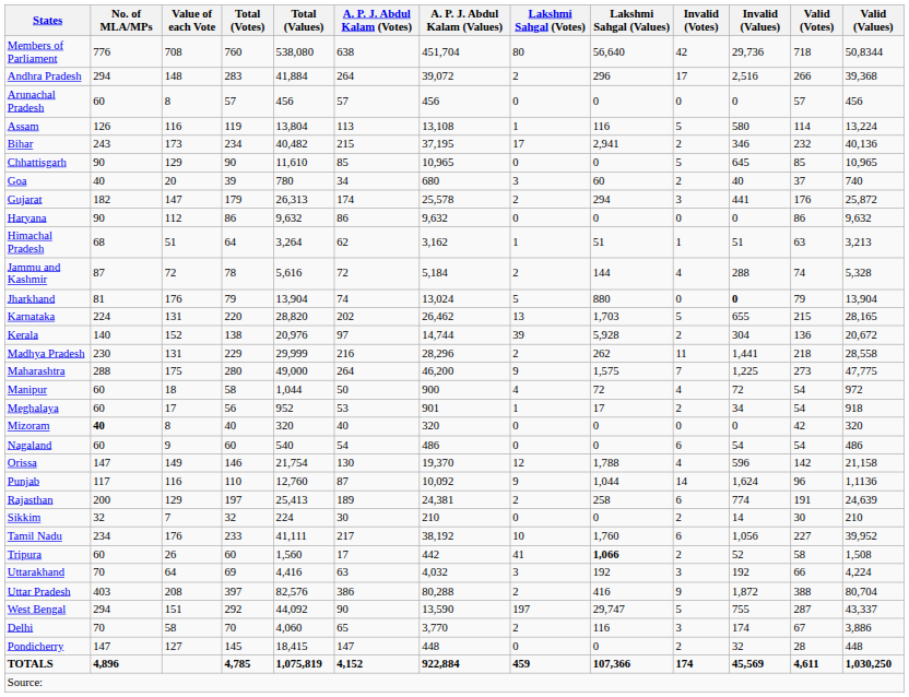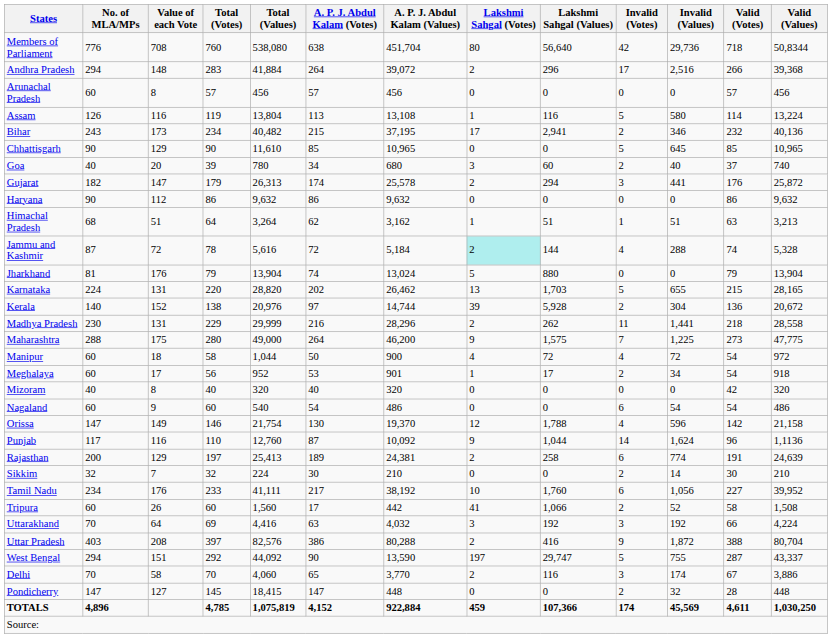 <table class="wikitable" border="1">
 <tr>
 <th><a href='#'>States</a></th>
 <th>No. of MLA/MPs</th>
 <th>Value of each Vote</th>
 <th>Total (Votes)</th>
 <th>Total (Values)</th>
 <th><a href='#'>A. P. J. Abdul Kalam</a> (Votes)</th>
 <th>A. P. J. Abdul Kalam (Values)</th>
 <th><a href='#'>Lakshmi Sahgal</a> (Votes)</th>
 <th>Lakshmi Sahgal (Values)</th>
 <th>Invalid (Votes)</th>
 <th>Invalid (Values)</th>
 <th>Valid (Votes)</th>
 <th>Valid (Values)</th>
 </tr>
 <tr>
 <td><a href='#'>Members of Parliament</a></td>
 <td>776</td>
 <td>708</td>
 <td>760</td>
 <td>538,080</td>
 <td>638</td>
 <td>451,704</td>
 <td>80</td>
 <td>56,640</td>
 <td>42</td>
 <td>29,736</td>
 <td>718</td>
 <td>50,8344</td>
 </tr>
 <tr>
 <td><a href='#'>Andhra Pradesh</a></td>
 <td>294</td>
 <td>148</td>
 <td>283</td>
 <td>41,884</td>
 <td>264</td>
 <td>39,072</td>
 <td>2</td>
 <td>296</td>
 <td>17</td>
 <td>2,516</td>
 <td>266</td>
 <td>39,368</td>
 </tr>
 <tr>
 <td><a href='#'>Arunachal Pradesh</a></td>
 <td>60</td>
 <td>8</td>
 <td>57</td>
 <td>456</td>
 <td>57</td>
 <td>456</td>
 <td>0</td>
 <td>0</td>
 <td>0</td>
 <td>0</td>
 <td>57</td>
 <td>456</td>
 </tr>
 <tr>
 <td><a href='#'>Assam</a></td>
 <td>126</td>
 <td>116</td>
 <td>119</td>
 <td>13,804</td>
 <td>113</td>
 <td>13,108</td>
 <td>1</td>
 <td>116</td>
 <td>5</td>
 <td>580</td>
 <td>114</td>
 <td>13,224</td>
 </tr>
 <tr>
 <td><a href='#'>Bihar</a></td>
 <td>243</td>
 <td>173</td>
 <td>234</td>
 <td>40,482</td>
 <td>215</td>
 <td>37,195</td>
 <td>17</td>
 <td>2,941</td>
 <td>2</td>
 <td>346</td>
 <td>232</td>
 <td>40,136</td>
 </tr>
 <tr>
 <td><a href='#'>Chhattisgarh</a></td>
 <td>90</td>
 <td>129</td>
 <td>90</td>
 <td>11,610</td>
 <td>85</td>
 <td>10,965</td>
 <td>0</td>
 <td>0</td>
 <td>5</td>
 <td>645</td>
 <td>85</td>
 <td>10,965</td>
 </tr>
 <tr>
 <td><a href='#'>Goa</a></td>
 <td>40</td>
 <td>20</td>
 <td>39</td>
 <td>780</td>
 <td>34</td>
 <td>680</td>
 <td>3</td>
 <td>60</td>
 <td>2</td>
 <td>40</td>
 <td>37</td>
 <td>740</td>
 </tr>
 <tr>
 <td><a href='#'>Gujarat</a></td>
 <td>182</td>
 <td>147</td>
 <td>179</td>
 <td>26,313</td>
 <td>174</td>
 <td>25,578</td>
 <td>2</td>
 <td>294</td>
 <td>3</td>
 <td>441</td>
 <td>176</td>
 <td>25,872</td>
 </tr>
 <tr>
 <td><a href='#'>Haryana</a></td>
 <td>90</td>
 <td>112</td>
 <td>86</td>
 <td>9,632</td>
 <td>86</td>
 <td>9,632</td>
 <td>0</td>
 <td>0</td>
 <td>0</td>
 <td>0</td>
 <td>86</td>
 <td>9,632</td>
 </tr>
 <tr>
 <td><a href='#'>Himachal Pradesh</a></td>
 <td>68</td>
 <td>51</td>
 <td>64</td>
 <td>3,264</td>
 <td>62</td>
 <td>3,162</td>
 <td>1</td>
 <td>51</td>
 <td>1</td>
 <td>51</td>
 <td>63</td>
 <td>3,213</td>
 </tr>
 <tr>
 <td><a href='#'>Jammu and Kashmir</a></td>
 <td>87</td>
 <td>72</td>
 <td>78</td>
 <td>5,616</td>
 <td>72</td>
 <td>5,184</td>
-<td>2</td>
+<td style="background: paleturquoise;">2</td>
 <td>144</td>
 <td>4</td>
 <td>288</td>
 <td>74</td>
 <td>5,328</td>
 </tr>
 <tr>
 <td><a href='#'>Jharkhand</a></td>
 <td>81</td>
 <td>176</td>
 <td>79</td>
 <td>13,904</td>
 <td>74</td>
 <td>13,024</td>
 <td>5</td>
 <td>880</td>
 <td>0</td>
-<td><strong>0</strong></td>
+<td>0</td>
 <td>79</td>
 <td>13,904</td>
 </tr>
 <tr>
 <td><a href='#'>Karnataka</a></td>
 <td>224</td>
 <td>131</td>
 <td>220</td>
 <td>28,820</td>
 <td>202</td>
 <td>26,462</td>
 <td>13</td>
 <td>1,703</td>
 <td>5</td>
 <td>655</td>
 <td>215</td>
 <td>28,165</td>
 </tr>
 <tr>
 <td><a href='#'>Kerala</a></td>
 <td>140</td>
 <td>152</td>
 <td>138</td>
 <td>20,976</td>
 <td>97</td>
 <td>14,744</td>
 <td>39</td>
 <td>5,928</td>
 <td>2</td>
 <td>304</td>
 <td>136</td>
 <td>20,672</td>
 </tr>
 <tr>
 <td><a href='#'>Madhya Pradesh</a></td>
 <td>230</td>
 <td>131</td>
 <td>229</td>
 <td>29,999</td>
 <td>216</td>
 <td>28,296</td>
 <td>2</td>
 <td>262</td>
 <td>11</td>
 <td>1,441</td>
 <td>218</td>
 <td>28,558</td>
 </tr>
 <tr>
 <td><a href='#'>Maharashtra</a></td>
 <td>288</td>
 <td>175</td>
 <td>280</td>
 <td>49,000</td>
 <td>264</td>
 <td>46,200</td>
 <td>9</td>
 <td>1,575</td>
 <td>7</td>
 <td>1,225</td>
 <td>273</td>
 <td>47,775</td>
 </tr>
 <tr>
 <td><a href='#'>Manipur</a></td>
 <td>60</td>
 <td>18</td>
 <td>58</td>
 <td>1,044</td>
 <td>50</td>
 <td>900</td>
 <td>4</td>
 <td>72</td>
 <td>4</td>
 <td>72</td>
 <td>54</td>
 <td>972</td>
 </tr>
 <tr>
 <td><a href='#'>Meghalaya</a></td>
 <td>60</td>
 <td>17</td>
 <td>56</td>
 <td>952</td>
 <td>53</td>
 <td>901</td>
 <td>1</td>
 <td>17</td>
 <td>2</td>
 <td>34</td>
 <td>54</td>
 <td>918</td>
 </tr>
 <tr>
 <td><a href='#'>Mizoram</a></td>
-<td><strong>40</strong></td>
+<td>40</td>
 <td>8</td>
 <td>40</td>
 <td>320</td>
 <td>40</td>
 <td>320</td>
 <td>0</td>
 <td>0</td>
 <td>0</td>
 <td>0</td>
 <td>42</td>
 <td>320</td>
 </tr>
 <tr>
 <td><a href='#'>Nagaland</a></td>
 <td>60</td>
 <td>9</td>
 <td>60</td>
 <td>540</td>
 <td>54</td>
 <td>486</td>
 <td>0</td>
 <td>0</td>
 <td>6</td>
 <td>54</td>
 <td>54</td>
 <td>486</td>
 </tr>
 <tr>
 <td><a href='#'>Orissa</a></td>
 <td>147</td>
 <td>149</td>
 <td>146</td>
 <td>21,754</td>
 <td>130</td>
 <td>19,370</td>
 <td>12</td>
 <td>1,788</td>
 <td>4</td>
 <td>596</td>
 <td>142</td>
 <td>21,158</td>
 </tr>
 <tr>
 <td><a href='#'>Punjab</a></td>
 <td>117</td>
 <td>116</td>
 <td>110</td>
 <td>12,760</td>
 <td>87</td>
 <td>10,092</td>
 <td>9</td>
 <td>1,044</td>
 <td>14</td>
 <td>1,624</td>
 <td>96</td>
 <td>1,1136</td>
 </tr>
 <tr>
 <td><a href='#'>Rajasthan</a></td>
 <td>200</td>
 <td>129</td>
 <td>197</td>
 <td>25,413</td>
 <td>189</td>
 <td>24,381</td>
 <td>2</td>
 <td>258</td>
 <td>6</td>
 <td>774</td>
 <td>191</td>
 <td>24,639</td>
 </tr>
 <tr>
 <td><a href='#'>Sikkim</a></td>
 <td>32</td>
 <td>7</td>
 <td>32</td>
 <td>224</td>
 <td>30</td>
 <td>210</td>
 <td>0</td>
 <td>0</td>
 <td>2</td>
 <td>14</td>
 <td>30</td>
 <td>210</td>
 </tr>
 <tr>
 <td><a href='#'>Tamil Nadu</a></td>
 <td>234</td>
 <td>176</td>
 <td>233</td>
 <td>41,111</td>
 <td>217</td>
 <td>38,192</td>
 <td>10</td>
 <td>1,760</td>
 <td>6</td>
 <td>1,056</td>
 <td>227</td>
 <td>39,952</td>
 </tr>
 <tr>
 <td><a href='#'>Tripura</a></td>
 <td>60</td>
 <td>26</td>
 <td>60</td>
 <td>1,560</td>
 <td>17</td>
 <td>442</td>
 <td>41</td>
-<td><strong>1,066</strong></td>
+<td>1,066</td>
 <td>2</td>
 <td>52</td>
 <td>58</td>
 <td>1,508</td>
 </tr>
 <tr>
 <td><a href='#'>Uttarakhand</a></td>
 <td>70</td>
 <td>64</td>
 <td>69</td>
 <td>4,416</td>
 <td>63</td>
 <td>4,032</td>
 <td>3</td>
 <td>192</td>
 <td>3</td>
 <td>192</td>
 <td>66</td>
 <td>4,224</td>
 </tr>
 <tr>
 <td><a href='#'>Uttar Pradesh</a></td>
 <td>403</td>
 <td>208</td>
 <td>397</td>
 <td>82,576</td>
 <td>386</td>
 <td>80,288</td>
 <td>2</td>
 <td>416</td>
 <td>9</td>
 <td>1,872</td>
 <td>388</td>
 <td>80,704</td>
 </tr>
 <tr>
 <td><a href='#'>West Bengal</a></td>
 <td>294</td>
 <td>151</td>
 <td>292</td>
 <td>44,092</td>
 <td>90</td>
 <td>13,590</td>
 <td>197</td>
 <td>29,747</td>
 <td>5</td>
 <td>755</td>
 <td>287</td>
 <td>43,337</td>
 </tr>
 <tr>
 <td><a href='#'>Delhi</a></td>
 <td>70</td>
 <td>58</td>
 <td>70</td>
 <td>4,060</td>
 <td>65</td>
 <td>3,770</td>
 <td>2</td>
 <td>116</td>
 <td>3</td>
 <td>174</td>
 <td>67</td>
 <td>3,886</td>
 </tr>
 <tr>
 <td><a href='#'>Pondicherry</a></td>
 <td>147</td>
 <td>127</td>
 <td>145</td>
 <td>18,415</td>
 <td>147</td>
 <td>448</td>
 <td>0</td>
 <td>0</td>
 <td>2</td>
 <td>32</td>
 <td>28</td>
 <td>448</td>
 </tr>
 <tr>
 <td><strong>TOTALS</strong></td>
 <td><strong>4,896</strong></td>
 <td></td>
 <td><strong>4,785</strong></td>
 <td><strong>1,075,819</strong></td>
 <td><strong>4,152</strong></td>
 <td><strong>922,884</strong></td>
 <td><strong>459</strong></td>
 <td><strong>107,366</strong></td>
 <td><strong>174</strong></td>
 <td><strong>45,569</strong></td>
 <td><strong>4,611</strong></td>
 <td><strong>1,030,250</strong></td>
 </tr>
 <tr>
 <td align=left colspan=13>Source: </td>
 </tr>
 </table>
